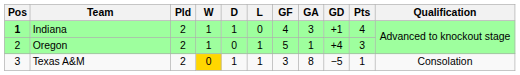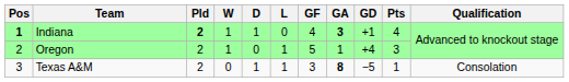 <table class="wikitable" style="text-align:center; margin: 1em auto">
 <tr>
 <th style="width:2em">Pos</th>
 <th style="width:13em">Team</th>
 <th style="width:2em">Pld</th>
 <th style="width:2em">W</th>
 <th style="width:2em">D</th>
 <th style="width:2em">L</th>
 <th style="width:2em">GF</th>
 <th style="width:2em">GA</th>
 <th style="width:2em">GD</th>
 <th style="width:2em">Pts</th>
 <th style="width:13em">Qualification</th>
 </tr>
 <tr bgcolor="#9eff9e">
 <td><strong>1</strong></td>
 <td style="text-align:left">Indiana</td>
-<td>2</td>
+<td><strong>2</strong></td>
 <td>1</td>
 <td>1</td>
 <td>0</td>
 <td>4</td>
-<td>3</td>
+<td><strong>3</strong></td>
 <td>+1</td>
 <td>4</td>
 <td rowspan="2">Advanced to knockout stage</td>
 </tr>
 <tr bgcolor="#9eff9e">
 <td>2</td>
 <td style="text-align:left">Oregon</td>
 <td>2</td>
 <td>1</td>
 <td>0</td>
 <td>1</td>
 <td>5</td>
 <td>1</td>
 <td>+4</td>
 <td>3</td>
 </tr>
 <tr>
 <td>3</td>
 <td style="text-align:left">Texas A&M</td>
 <td>2</td>
-<td style="background: gold;">0</td>
+<td>0</td>
 <td>1</td>
 <td>1</td>
 <td>3</td>
-<td>8</td>
+<td><strong>8</strong></td>
 <td>−5</td>
 <td>1</td>
 <td>Consolation</td>
 </tr>
 </table>
